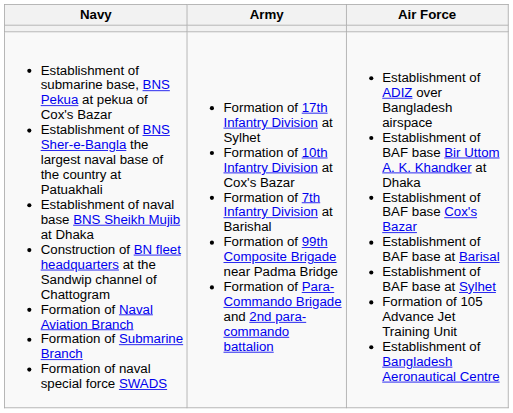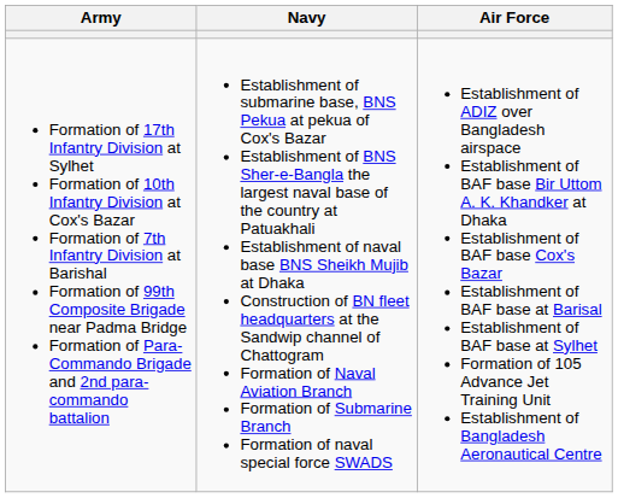 <table class=wikitable>
 <tr>
+<th>Army</th>
 <th>Navy</th>
-<th>Army</th>
 <th>Air Force</th>
 </tr>
 <tr>
 <th></th>
 <th></th>
 <th></th>
 </tr>
 <tr>
+<td><br><ul><li>Formation of <a href='#'>17th Infantry Division</a> at Sylhet</li><li>Formation of <a href='#'>10th Infantry Division</a> at Cox's Bazar</li><li>Formation of <a href='#'>7th Infantry Division</a> at Barishal</li><li>Formation of <a href='#'>99th Composite Brigade</a> near Padma Bridge</li><li>Formation of <a href='#'>Para-Commando Brigade</a> and <a href='#'>2nd para-commando battalion</a></li></ul></td>
 <td><br><ul><li>Establishment of submarine base, <a href='#'>BNS Pekua</a> at pekua of Cox's Bazar</li><li>Establishment of <a href='#'>BNS Sher-e-Bangla</a> the largest naval base of the country at Patuakhali</li><li>Establishment of naval base <a href='#'>BNS Sheikh Mujib</a> at Dhaka</li><li>Construction of <a href='#'>BN fleet headquarters</a> at the Sandwip channel of Chattogram</li><li>Formation of <a href='#'>Naval Aviation Branch</a></li><li>Formation of <a href='#'>Submarine Branch</a></li><li>Formation of naval special force <a href='#'>SWADS</a></li></ul></td>
-<td><br><ul><li>Formation of <a href='#'>17th Infantry Division</a> at Sylhet</li><li>Formation of <a href='#'>10th Infantry Division</a> at Cox's Bazar</li><li>Formation of <a href='#'>7th Infantry Division</a> at Barishal</li><li>Formation of <a href='#'>99th Composite Brigade</a> near Padma Bridge</li><li>Formation of <a href='#'>Para-Commando Brigade</a> and <a href='#'>2nd para-commando battalion</a></li></ul></td>
 <td><br><ul><li>Establishment of <a href='#'>ADIZ</a> over Bangladesh airspace</li><li>Establishment of BAF base <a href='#'>Bir Uttom A. K. Khandker</a> at Dhaka</li><li>Establishment of BAF base <a href='#'>Cox's Bazar</a></li><li>Establishment of BAF base at <a href='#'>Barisal</a></li><li>Establishment of BAF base at <a href='#'>Sylhet</a></li><li>Formation of 105 Advance Jet Training Unit</li><li>Establishment of <a href='#'>Bangladesh Aeronautical Centre</a></li></ul></td>
 </tr>
 </table>
